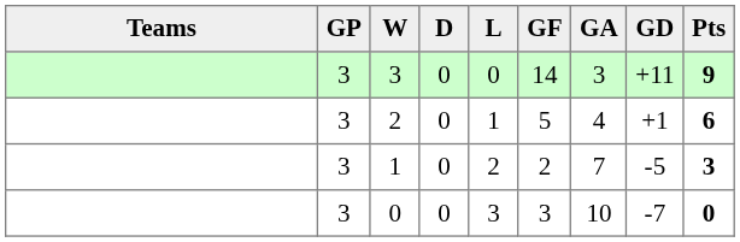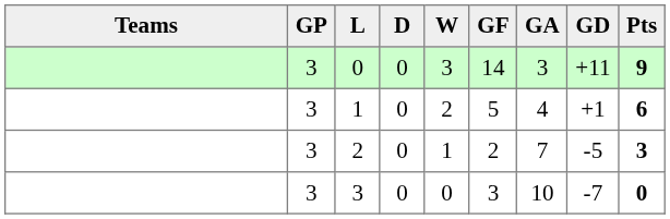 <table style=border-collapse:collapse border=1 cellspacing=0 cellpadding=5>
 <tr align=center bgcolor=#efefef>
 <th width=185>Teams</th>
 <th width=20>GP</th>
+<th width=20>L</th>
+<th width=20>D</th>
 <th width=20>W</th>
-<th width=20>D</th>
-<th width=20>L</th>
 <th width=20>GF</th>
 <th width=20>GA</th>
 <th width=20>GD</th>
 <th width=20>Pts<br></th>
 </tr>
 <tr align=center bgcolor="ccffcc">
 <td style="text-align:left;"></td>
 <td>3</td>
-<td>3</td>
 <td>0</td>
 <td>0</td>
+<td>3</td>
 <td>14</td>
 <td>3</td>
 <td>+11</td>
 <td><strong>9</strong></td>
 </tr>
 <tr align=center>
 <td style="text-align:left;"></td>
 <td>3</td>
+<td>1</td>
+<td>0</td>
 <td>2</td>
-<td>0</td>
-<td>1</td>
 <td>5</td>
 <td>4</td>
 <td>+1</td>
 <td><strong>6</strong></td>
 </tr>
 <tr align=center>
 <td style="text-align:left;"></td>
 <td>3</td>
+<td>2</td>
+<td>0</td>
 <td>1</td>
-<td>0</td>
-<td>2</td>
 <td>2</td>
 <td>7</td>
 <td>-5</td>
 <td><strong>3</strong></td>
 </tr>
 <tr align=center>
 <td style="text-align:left;"></td>
 <td>3</td>
+<td>3</td>
 <td>0</td>
 <td>0</td>
-<td>3</td>
 <td>3</td>
 <td>10</td>
 <td>-7</td>
 <td><strong>0</strong></td>
 </tr>
 </table>
